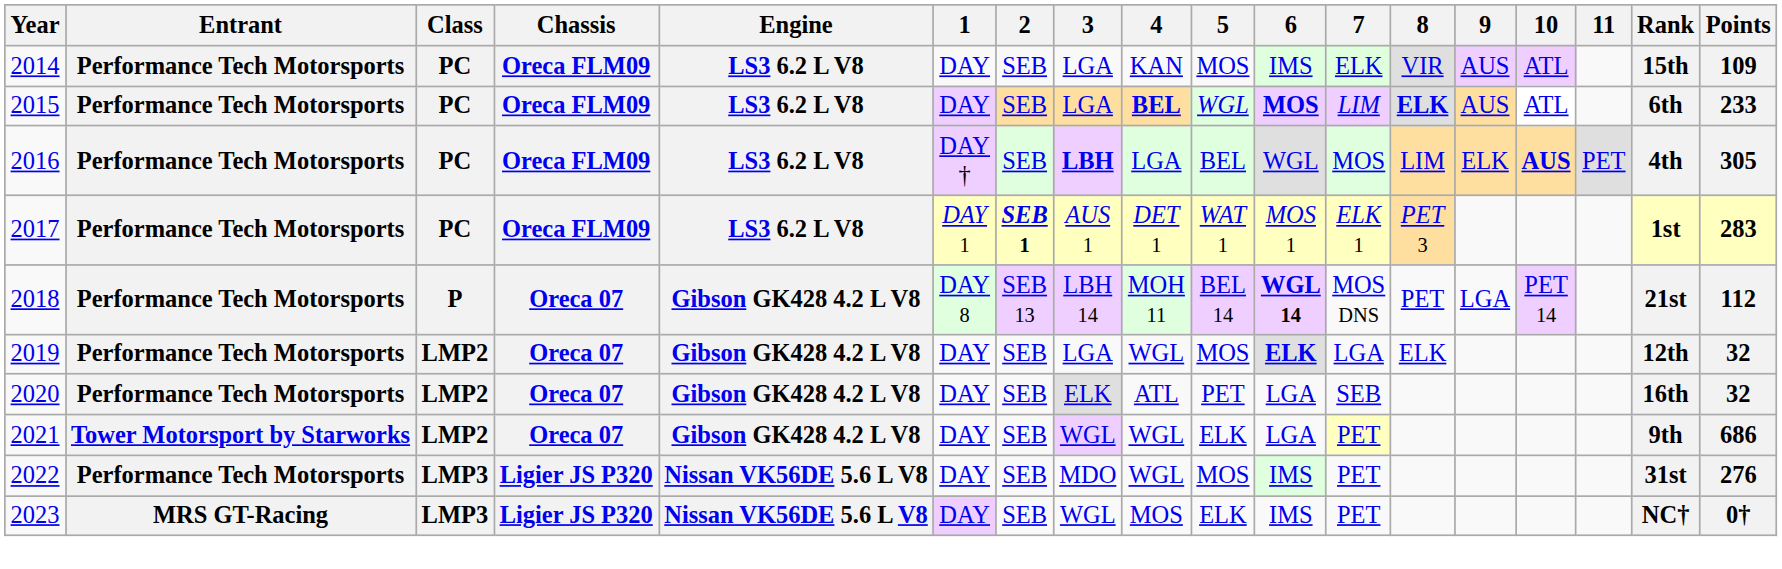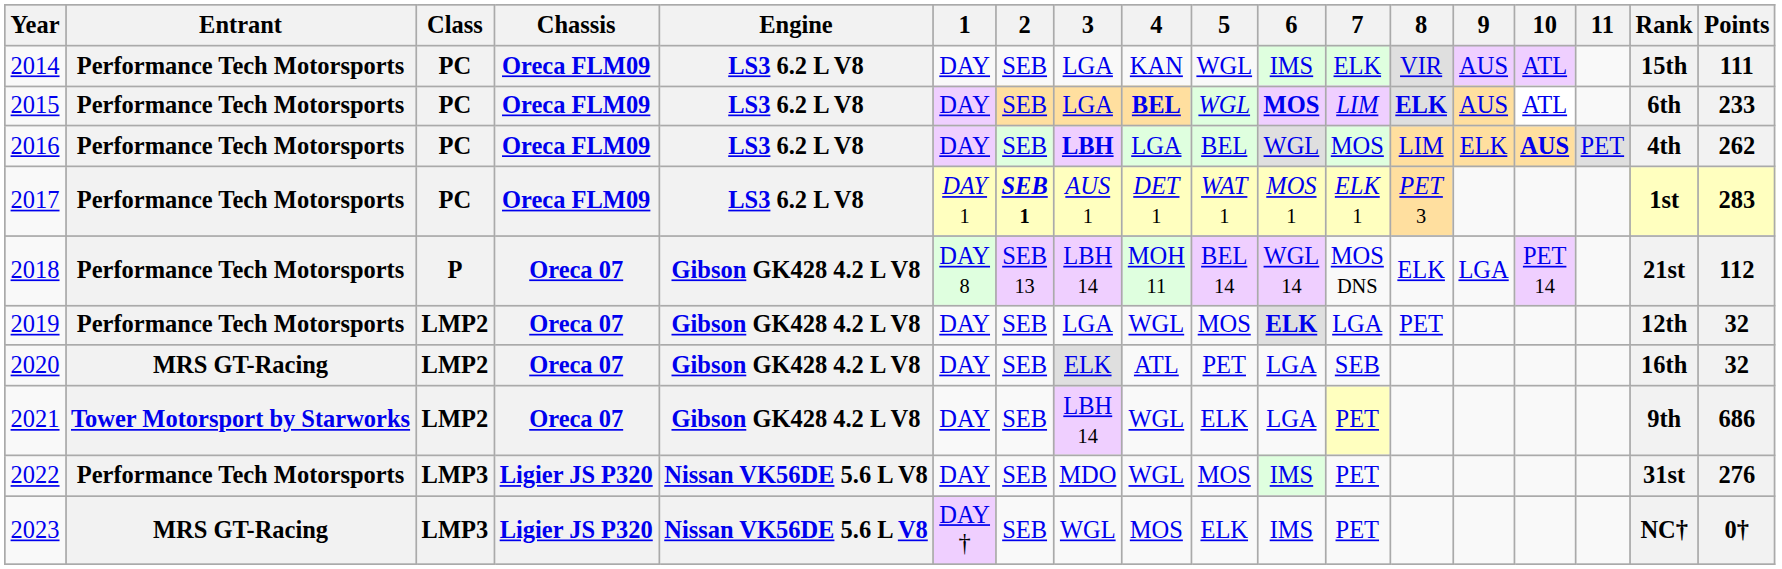 <table class="wikitable" style="text-align:center; font-size:90%">
 <tr>
 <th>Year</th>
 <th>Entrant</th>
 <th>Class</th>
 <th>Chassis</th>
 <th>Engine</th>
 <th>1</th>
 <th>2</th>
 <th>3</th>
 <th>4</th>
 <th>5</th>
 <th>6</th>
 <th>7</th>
 <th>8</th>
 <th>9</th>
 <th>10</th>
 <th>11</th>
 <th>Rank</th>
 <th>Points</th>
 </tr>
 <tr>
 <td><a href='#'>2014</a></td>
 <th>Performance Tech Motorsports</th>
 <th>PC</th>
 <th><a href='#'>Oreca FLM09</a></th>
 <th><a href='#'>LS3</a> 6.2 L V8</th>
 <td><a href='#'>DAY</a><br></td>
 <td><a href='#'>SEB</a><br></td>
 <td><a href='#'>LGA</a><br></td>
 <td><a href='#'>KAN</a><br></td>
-<td><a href='#'>MOS</a></td>
+<td><a href='#'>WGL</a><br></td>
 <td style="background:#dfffdf;"><a href='#'>IMS</a><br></td>
 <td style="background:#dfffdf;"><a href='#'>ELK</a><br></td>
 <td style="background:#DFDFDF;"><a href='#'>VIR</a><br></td>
 <td style="background:#efcfff;"><a href='#'>AUS</a><br></td>
 <td style="background:#efcfff;"><a href='#'>ATL</a><br></td>
 <td></td>
 <th>15th</th>
-<th>109</th>
+<th>111</th>
 </tr>
 <tr>
 <td><a href='#'>2015</a></td>
 <th>Performance Tech Motorsports</th>
 <th>PC</th>
 <th><a href='#'>Oreca FLM09</a></th>
 <th><a href='#'>LS3</a> 6.2 L V8</th>
 <td style="background:#efcfff;"><a href='#'>DAY</a><br></td>
 <td style="background:#ffdf9f;"><a href='#'>SEB</a><br></td>
 <td style="background:#ffdf9f;"><a href='#'>LGA</a><br></td>
 <td style="background:#ffdf9f;"><strong><a href='#'>BEL</a><br></strong></td>
 <td style="background:#dfffdf;"><em><a href='#'>WGL</a></em><br></td>
 <td style="background:#efcfff;"><strong><a href='#'>MOS</a><br></strong></td>
 <td style="background:#efcfff;"><em><a href='#'>LIM</a></em><br></td>
 <td style="background:#dfdfdf;"><strong><a href='#'>ELK</a><br></strong></td>
 <td style="background:#ffdf9f;"><a href='#'>AUS</a><br></td>
 <td style="background:#ffffff;"><a href='#'>ATL</a><br></td>
 <td></td>
 <th>6th</th>
 <th>233</th>
 </tr>
 <tr>
 <td><a href='#'>2016</a></td>
 <th>Performance Tech Motorsports</th>
 <th>PC</th>
 <th><a href='#'>Oreca FLM09</a></th>
 <th><a href='#'>LS3</a> 6.2 L V8</th>
-<td style="background:#EFCFFF;"><a href='#'>DAY</a><br>†</td>
+<td style="background:#efcfff;"><a href='#'>DAY</a><br></td>
 <td style="background:#dfffdf;"><a href='#'>SEB</a><br></td>
 <td style="background:#efcfff;"><strong><a href='#'>LBH</a></strong><br></td>
 <td style="background:#dfffdf;"><a href='#'>LGA</a><br></td>
 <td style="background:#dfffdf;"><a href='#'>BEL</a><br></td>
 <td style="background:#dfdfdf;"><a href='#'>WGL</a><br></td>
 <td style="background:#dfffdf;"><a href='#'>MOS</a><br></td>
 <td style="background:#ffdf9f;"><a href='#'>LIM</a><br></td>
 <td style="background:#ffdf9f;"><a href='#'>ELK</a><br></td>
 <td style="background:#ffdf9f;"><strong><a href='#'>AUS</a></strong><br></td>
 <td style="background:#dfdfdf;"><a href='#'>PET</a><br></td>
 <th>4th</th>
-<th>305</th>
+<th>262</th>
 </tr>
 <tr>
 <td><a href='#'>2017</a></td>
 <th>Performance Tech Motorsports</th>
 <th>PC</th>
 <th><a href='#'>Oreca FLM09</a></th>
 <th><a href='#'>LS3</a> 6.2 L V8</th>
 <td style="background:#FFFFBF;"><em><a href='#'>DAY</a></em><br><small>1</small></td>
 <td style="background:#FFFFBF;"><strong><em><a href='#'>SEB</a></em><br><small>1</small></strong></td>
 <td style="background:#FFFFBF;"><em><a href='#'>AUS</a></em><br><small>1</small></td>
 <td style="background:#FFFFBF;"><em><a href='#'>DET</a></em><br><small>1</small></td>
 <td style="background:#FFFFBF;"><em><a href='#'>WAT</a></em><br><small>1</small></td>
 <td style="background:#FFFFBF;"><em><a href='#'>MOS</a></em><br><small>1</small></td>
 <td style="background:#FFFFBF;"><em><a href='#'>ELK</a></em><br><small>1</small></td>
 <td style="background:#FFDF9F;"><em><a href='#'>PET</a></em><br><small>3</small></td>
 <td></td>
 <td></td>
 <td></td>
 <th style="background:#FFFFBF;">1st</th>
 <th style="background:#FFFFBF;">283</th>
 </tr>
 <tr>
 <td><a href='#'>2018</a></td>
 <th>Performance Tech Motorsports</th>
 <th>P</th>
 <th><a href='#'>Oreca 07</a></th>
 <th><a href='#'>Gibson</a> GK428 4.2 L V8</th>
 <td style="background:#DFFFDF;"><a href='#'>DAY</a><br><small>8</small></td>
 <td style="background:#EFCFFF;"><a href='#'>SEB</a><br><small>13</small></td>
 <td style="background:#EFCFFF;"><a href='#'>LBH</a><br><small>14</small></td>
 <td style="background:#DFFFDF;"><a href='#'>MOH</a><br><small>11</small></td>
 <td style="background:#EFCFFF;"><a href='#'>BEL</a><br><small>14</small></td>
-<td style="background:#EFCFFF;"><strong><a href='#'>WGL</a><br><small>14</small></strong></td>
+<td style="background:#EFCFFF;"><a href='#'>WGL</a><br><small>14</small></td>
 <td><a href='#'>MOS</a><br><small>DNS</small></td>
-<td><a href='#'>PET</a></td>
+<td><a href='#'>ELK</a></td>
 <td><a href='#'>LGA</a></td>
 <td style="background:#EFCFFF;"><a href='#'>PET</a><br><small>14</small></td>
 <td></td>
 <th>21st</th>
 <th>112</th>
 </tr>
 <tr>
 <td><a href='#'>2019</a></td>
 <th>Performance Tech Motorsports</th>
 <th>LMP2</th>
 <th><a href='#'>Oreca 07</a></th>
 <th><a href='#'>Gibson</a> GK428 4.2 L V8</th>
 <td><a href='#'>DAY</a></td>
 <td><a href='#'>SEB</a></td>
 <td><a href='#'>LGA</a><br></td>
 <td><a href='#'>WGL</a></td>
 <td><a href='#'>MOS</a></td>
 <td style="background:#dfdfdf;"><strong><a href='#'>ELK</a><br></strong></td>
 <td><a href='#'>LGA</a></td>
-<td><a href='#'>ELK</a></td>
+<td><a href='#'>PET</a></td>
 <td></td>
 <td></td>
 <td></td>
 <th>12th</th>
 <th>32</th>
 </tr>
 <tr>
 <td><a href='#'>2020</a></td>
-<th>Performance Tech Motorsports</th>
+<th>MRS GT-Racing</th>
 <th>LMP2</th>
 <th><a href='#'>Oreca 07</a></th>
 <th><a href='#'>Gibson</a> GK428 4.2 L V8</th>
 <td><a href='#'>DAY</a><br></td>
 <td><a href='#'>SEB</a><br></td>
 <td style="background:#dfdfdf;"><a href='#'>ELK</a><br></td>
 <td><a href='#'>ATL</a><br></td>
 <td><a href='#'>PET</a><br></td>
 <td><a href='#'>LGA</a><br></td>
 <td><a href='#'>SEB</a><br></td>
 <td></td>
 <td></td>
 <td></td>
 <td></td>
 <th>16th</th>
 <th>32</th>
 </tr>
 <tr>
 <td><a href='#'>2021</a></td>
 <th><a href='#'>Tower Motorsport by Starworks</a></th>
 <th>LMP2</th>
 <th><a href='#'>Oreca 07</a></th>
 <th><a href='#'>Gibson</a> GK428 4.2 L V8</th>
 <td><a href='#'>DAY</a><br></td>
 <td><a href='#'>SEB</a><br></td>
-<td style="background:#EFCFFF;"><a href='#'>WGL</a><br></td>
+<td style="background:#EFCFFF;"><a href='#'>LBH</a><br><small>14</small></td>
 <td><a href='#'>WGL</a><br></td>
 <td><a href='#'>ELK</a><br></td>
 <td><a href='#'>LGA</a><br></td>
 <td style="background:#FFFFBF;"><a href='#'>PET</a><br></td>
 <td></td>
 <td></td>
 <td></td>
 <td></td>
 <th>9th</th>
 <th>686</th>
 </tr>
 <tr>
 <td><a href='#'>2022</a></td>
 <th>Performance Tech Motorsports</th>
 <th>LMP3</th>
 <th><a href='#'>Ligier JS P320</a></th>
 <th><a href='#'>Nissan VK56DE</a> 5.6 L V8</th>
 <td><a href='#'>DAY</a><br></td>
 <td><a href='#'>SEB</a><br></td>
 <td><a href='#'>MDO</a><br></td>
 <td><a href='#'>WGL</a><br></td>
 <td><a href='#'>MOS</a><br></td>
 <td style="background:#dfffdf;"><a href='#'>IMS</a><br></td>
 <td style="background:"><a href='#'>PET</a><br></td>
 <td></td>
 <td></td>
 <td></td>
 <td></td>
 <th>31st</th>
 <th>276</th>
 </tr>
 <tr>
 <td><a href='#'>2023</a></td>
 <th>MRS GT-Racing</th>
 <th>LMP3</th>
 <th><a href='#'>Ligier JS P320</a></th>
 <th><a href='#'>Nissan VK56DE</a> 5.6 L <a href='#'>V8</a></th>
-<td style="background:#efcfff;"><a href='#'>DAY</a><br></td>
+<td style="background:#EFCFFF;"><a href='#'>DAY</a><br>†</td>
 <td style="background:#;"><a href='#'>SEB</a><br></td>
 <td style="background:#;"><a href='#'>WGL</a><br></td>
 <td style="background:#;"><a href='#'>MOS</a><br></td>
 <td style="background:#;"><a href='#'>ELK</a><br></td>
 <td style="background:#;"><a href='#'>IMS</a><br></td>
 <td style="background:#;"><a href='#'>PET</a><br></td>
 <td></td>
 <td></td>
 <td></td>
 <td></td>
 <th>NC†</th>
 <th>0†</th>
 </tr>
 </table>
